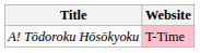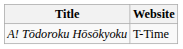 <table class="wikitable">
 <tr>
 <th>Title</th>
 <th>Website</th>
 </tr>
 <tr>
 <td><em>A! Tōdoroku Hōsōkyoku</em></td>
-<td style="background: pink;">T-Time</td>
+<td>T-Time</td>
 </tr>
 </table>
